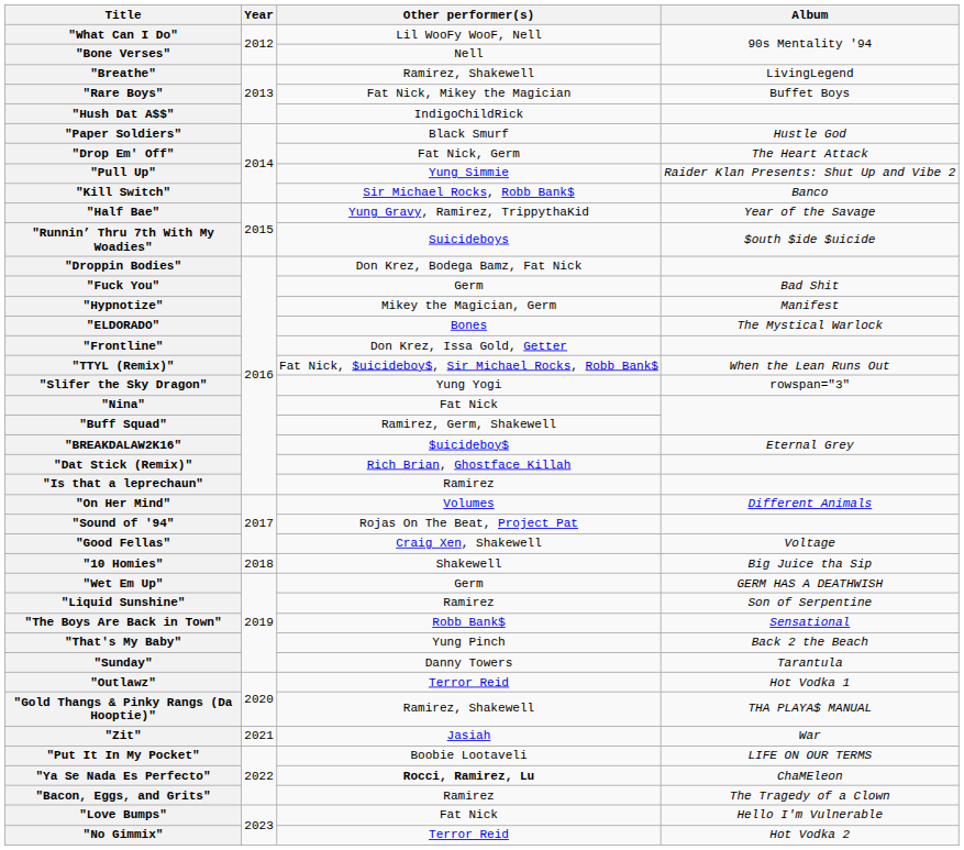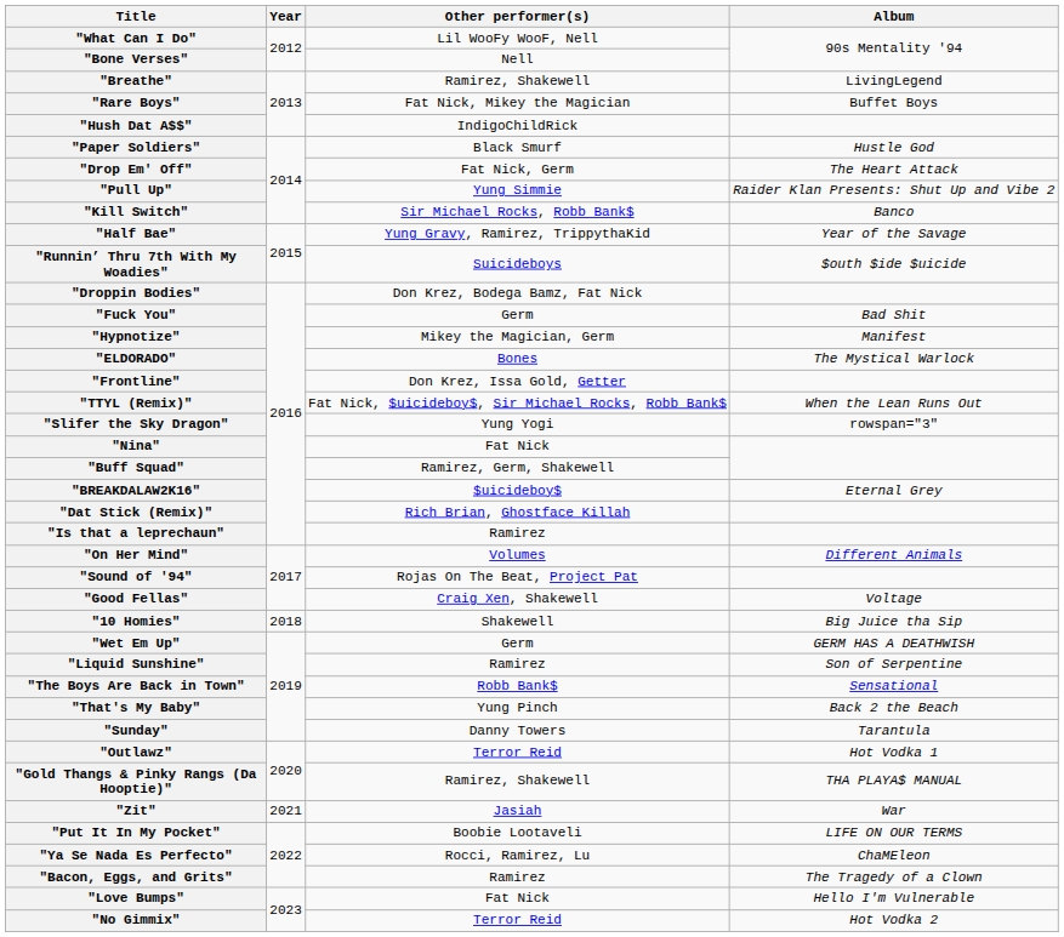 <table class="wikitable plainrowheaders" style="text-align:center;">
 <tr>
 <th style="width:19em;">Title</th>
 <th>Year</th>
 <th>Other performer(s)</th>
 <th>Album</th>
 </tr>
 <tr>
 <th scope="row">"What Can I Do"</th>
 <td rowspan="2">2012</td>
 <td>Lil WooFy WooF, Nell</td>
 <td rowspan="2">90s Mentality '94</td>
 </tr>
 <tr>
 <th scope="row">"Bone Verses"</th>
 <td>Nell</td>
 </tr>
 <tr>
 <th scope="row">"Breathe"</th>
 <td rowspan="3">2013</td>
 <td>Ramirez, Shakewell</td>
 <td>LivingLegend</td>
 </tr>
 <tr>
 <th scope="row">"Rare Boys"</th>
 <td>Fat Nick, Mikey the Magician</td>
 <td>Buffet Boys</td>
 </tr>
 <tr>
 <th scope="row">"Hush Dat A$$"</th>
 <td>IndigoChildRick</td>
 <td></td>
 </tr>
 <tr>
 <th scope="row">"Paper Soldiers"</th>
 <td rowspan="4">2014</td>
 <td>Black Smurf</td>
 <td><em>Hustle God</em></td>
 </tr>
 <tr>
 <th scope="row">"Drop Em' Off"</th>
 <td>Fat Nick, Germ</td>
 <td><em>The Heart Attack</em></td>
 </tr>
 <tr>
 <th scope="row">"Pull Up"</th>
 <td><a href='#'>Yung Simmie</a></td>
 <td><em>Raider Klan Presents: Shut Up and Vibe 2</em></td>
 </tr>
 <tr>
 <th scope="row">"Kill Switch"</th>
 <td><a href='#'>Sir Michael Rocks</a>, <a href='#'>Robb Bank$</a></td>
 <td><em>Banco</em></td>
 </tr>
 <tr>
 <th scope="row">"Half Bae"</th>
 <td rowspan="2">2015</td>
 <td><a href='#'>Yung Gravy</a>, Ramirez, TrippythaKid</td>
 <td><em>Year of the Savage</em></td>
 </tr>
 <tr>
 <th scope="row">"Runnin’ Thru 7th With My Woadies"</th>
 <td><a href='#'>Suicideboys</a></td>
 <td><em>$outh $ide $uicide</em></td>
 </tr>
 <tr>
 <th scope="row">"Droppin Bodies"</th>
 <td rowspan="12">2016</td>
 <td>Don Krez, Bodega Bamz, Fat Nick</td>
 <td></td>
 </tr>
 <tr>
 <th scope="row">"Fuck You"</th>
 <td>Germ</td>
 <td><em>Bad Shit</em></td>
 </tr>
 <tr>
 <th scope="row">"Hypnotize"</th>
 <td>Mikey the Magician, Germ</td>
 <td><em>Manifest</em></td>
 </tr>
 <tr>
 <th scope="row">"ELDORADO"</th>
 <td><a href='#'>Bones</a></td>
 <td><em>The Mystical Warlock</em></td>
 </tr>
 <tr>
 <th scope="row">"Frontline"</th>
 <td>Don Krez, Issa Gold, <a href='#'>Getter</a></td>
 <td></td>
 </tr>
 <tr>
 <th scope="row">"TTYL (Remix)"</th>
 <td>Fat Nick, <a href='#'>$uicideboy$</a>, <a href='#'>Sir Michael Rocks</a>, <a href='#'>Robb Bank$</a></td>
 <td><em>When the Lean Runs Out</em></td>
 </tr>
 <tr>
 <th scope="row">"Slifer the Sky Dragon"</th>
 <td>Yung Yogi</td>
 <td>rowspan="3" </td>
 </tr>
 <tr>
 <th scope="row">"Nina"</th>
 <td>Fat Nick</td>
 </tr>
 <tr>
 <th scope="row">"Buff Squad"</th>
 <td>Ramirez, Germ, Shakewell</td>
 </tr>
 <tr>
 <th scope="row">"BREAKDALAW2K16"</th>
 <td><a href='#'>$uicideboy$</a></td>
 <td><em>Eternal Grey</em></td>
 </tr>
 <tr>
 <th scope="row">"Dat Stick (Remix)"</th>
 <td><a href='#'>Rich Brian</a>, <a href='#'>Ghostface Killah</a></td>
 <td></td>
 </tr>
 <tr>
 <th scope="row">"Is that a leprechaun"</th>
 <td>Ramirez</td>
 <td></td>
 </tr>
 <tr>
 <th scope="row">"On Her Mind"</th>
 <td rowspan="3">2017</td>
 <td><a href='#'>Volumes</a></td>
 <td><em><a href='#'>Different Animals</a></em></td>
 </tr>
 <tr>
 <th scope="row">"Sound of '94"</th>
 <td>Rojas On The Beat, <a href='#'>Project Pat</a></td>
 <td></td>
 </tr>
 <tr>
 <th scope="row">"Good Fellas"</th>
 <td><a href='#'>Craig Xen</a>, Shakewell</td>
 <td><em>Voltage</em></td>
 </tr>
 <tr>
 <th scope="row">"10 Homies"</th>
 <td>2018</td>
 <td>Shakewell</td>
 <td><em>Big Juice tha Sip</em></td>
 </tr>
 <tr>
 <th scope="row">"Wet Em Up"</th>
 <td rowspan="5">2019</td>
 <td>Germ</td>
 <td><em>GERM HAS A DEATHWISH</em></td>
 </tr>
 <tr>
 <th scope="row">"Liquid Sunshine"</th>
 <td>Ramirez</td>
 <td><em>Son of Serpentine</em></td>
 </tr>
 <tr>
 <th scope="row">"The Boys Are Back in Town"</th>
 <td><a href='#'>Robb Bank$</a></td>
 <td><em><a href='#'>Sensational</a></em></td>
 </tr>
 <tr>
 <th scope="row">"That's My Baby"</th>
 <td>Yung Pinch</td>
 <td><em>Back 2 the Beach</em></td>
 </tr>
 <tr>
 <th scope="row">"Sunday"</th>
 <td>Danny Towers</td>
 <td><em>Tarantula</em></td>
 </tr>
 <tr>
 <th scope="row">"Outlawz"</th>
 <td rowspan="2">2020</td>
 <td><a href='#'>Terror Reid</a></td>
 <td><em>Hot Vodka 1</em></td>
 </tr>
 <tr>
 <th scope="row">"Gold Thangs & Pinky Rangs (Da Hooptie)"</th>
 <td>Ramirez, Shakewell</td>
 <td><em>THA PLAYA$ MANUAL</em></td>
 </tr>
 <tr>
 <th scope="row">"Zit"</th>
 <td>2021</td>
 <td><a href='#'>Jasiah</a></td>
 <td><em>War</em></td>
 </tr>
 <tr>
 <th scope="row">"Put It In My Pocket"</th>
 <td rowspan="3">2022</td>
 <td>Boobie Lootaveli</td>
 <td><em>LIFE ON OUR TERMS</em></td>
 </tr>
 <tr>
 <th scope="row">"Ya Se Nada Es Perfecto"</th>
-<td><strong>Rocci, Ramirez, Lu</strong></td>
+<td>Rocci, Ramirez, Lu</td>
 <td><em>ChaMEleon</em></td>
 </tr>
 <tr>
 <th scope="row">"Bacon, Eggs, and Grits"</th>
 <td>Ramirez</td>
 <td><em>The Tragedy of a Clown</em></td>
 </tr>
 <tr>
 <th scope="row">"Love Bumps"</th>
 <td rowspan="2">2023</td>
 <td>Fat Nick</td>
 <td><em>Hello I'm Vulnerable</em></td>
 </tr>
 <tr>
 <th scope="row">"No Gimmix"</th>
 <td><a href='#'>Terror Reid</a></td>
 <td><em>Hot Vodka 2</em></td>
 </tr>
 </table>
